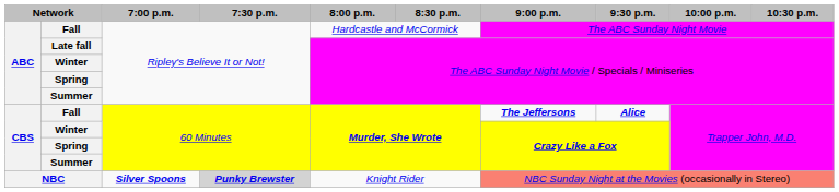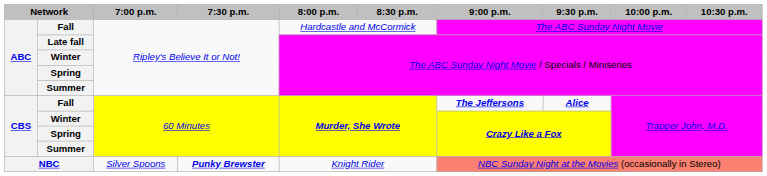 <table class="wikitable" style="width:100%;margin-right:0;text-align:center">
 <tr>
 <th colspan="2" style="background-color:#C0C0C0">Network</th>
 <th style="background-color:#C0C0C0;text-align:center">7:00 p.m.</th>
 <th style="background-color:#C0C0C0;text-align:center">7:30 p.m.</th>
 <th style="background-color:#C0C0C0;text-align:center">8:00 p.m.</th>
 <th style="background-color:#C0C0C0;text-align:center">8:30 p.m.</th>
 <th style="background-color:#C0C0C0;text-align:center">9:00 p.m.</th>
 <th style="background-color:#C0C0C0;text-align:center">9:30 p.m.</th>
 <th style="background-color:#C0C0C0;text-align:center">10:00 p.m.</th>
 <th style="background-color:#C0C0C0;text-align:center">10:30 p.m.</th>
 </tr>
 <tr>
 <th rowspan="5"><a href='#'>ABC</a></th>
 <th>Fall</th>
 <td colspan="2" rowspan="5"><em><a href='#'>Ripley's Believe It or Not!</a></em></td>
 <td colspan="2"><em><a href='#'>Hardcastle and McCormick</a></em></td>
 <td style="background:#FF00FF;" colspan="4"><em><a href='#'>The ABC Sunday Night Movie</a></em> </td>
 </tr>
 <tr>
 <th>Late fall</th>
 <td style="background:#FF00FF;" colspan="6" rowspan="4"><em><a href='#'>The ABC Sunday Night Movie</a></em>  / Specials / Miniseries</td>
 </tr>
 <tr>
 <th>Winter</th>
 </tr>
 <tr>
 <th>Spring</th>
 </tr>
 <tr>
 <th>Summer</th>
 </tr>
 <tr>
 <th rowspan="4"><a href='#'>CBS</a></th>
 <th>Fall</th>
 <td style="background:#FFFF00;" colspan="2" rowspan="4"><em><a href='#'>60 Minutes</a></em> </td>
 <td style="background:#FFFF00;" colspan="2" rowspan="4"><strong><em><a href='#'>Murder, She Wrote</a></em></strong> </td>
 <td><strong><a href='#'><em>The Jeffersons</em></a></strong></td>
 <td><strong><a href='#'><em>Alice</em></a></strong></td>
 <td style="background:#FF00FF;" colspan="2" rowspan="4"><em><a href='#'>Trapper John, M.D.</a></em> </td>
 </tr>
 <tr>
 <th>Winter</th>
 <td style="background:#FFFF00;" colspan="2" rowspan="3"><strong><em><a href='#'>Crazy Like a Fox</a></em></strong> </td>
 </tr>
 <tr>
 <th>Spring</th>
 </tr>
 <tr>
 <th>Summer</th>
 </tr>
 <tr>
 <th colspan="2"><a href='#'>NBC</a></th>
-<td><strong><em><a href='#'>Silver Spoons</a></em></strong></td>
-<td style="background: lightgrey;"><strong><em><a href='#'>Punky Brewster</a></em></strong></td>
+<td><em><a href='#'>Silver Spoons</a></em></td>
+<td><strong><em><a href='#'>Punky Brewster</a></em></strong></td>
 <td colspan="2"><em><a href='#'>Knight Rider</a></em></td>
 <td style="background:#FA8072;" colspan="4"><em><a href='#'>NBC Sunday Night at the Movies</a></em> (occasionally in Stereo)</td>
 </tr>
 </table>
